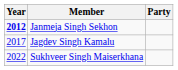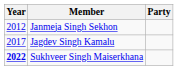 <table class="wikitable sortable">
 <tr>
 <th>Year</th>
 <th>Member</th>
 <th colspan="2">Party</th>
 </tr>
 <tr>
-<td><strong><a href='#'>2012</a></strong></td>
+<td><a href='#'>2012</a></td>
 <td><a href='#'>Janmeja Singh Sekhon</a></td>
 <td></td>
 </tr>
 <tr>
 <td><a href='#'>2017</a></td>
 <td><a href='#'>Jagdev Singh Kamalu</a></td>
 <td></td>
 </tr>
 <tr>
-<td><a href='#'>2022</a></td>
+<td><strong><a href='#'>2022</a></strong></td>
 <td><a href='#'>Sukhveer Singh Maiserkhana</a></td>
 </tr>
 </table>
